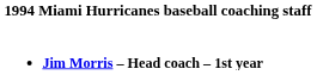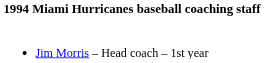 <table class="toccolours">
 <tr>
 <th colspan=9>1994 Miami Hurricanes baseball coaching staff</th>
 </tr>
 <tr>
-<td style="text-align: left; font-size: 95%;" valign="top"><strong><br><ul><li><a href='#'>Jim Morris</a> – Head coach – 1st year</li></ul></strong></td>
+<td style="text-align: left; font-size: 95%;" valign="top"><br><ul><li><a href='#'>Jim Morris</a> – Head coach – 1st year</li></ul></td>
 </tr>
 </table>
